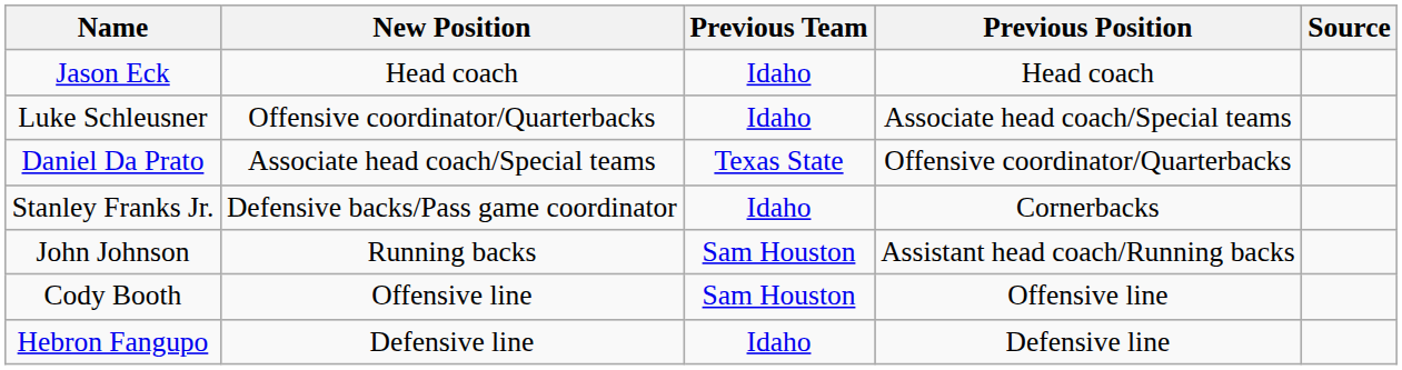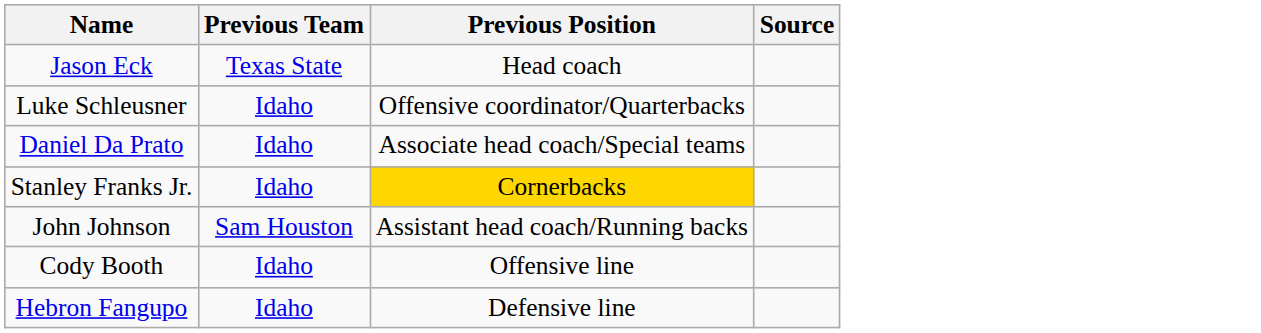 <table class="wikitable">
 <tr>
 <th style="text-align:center; ">Name</th>
-<th style="text-align:center; ">New Position</th>
 <th style="text-align:center; ">Previous Team</th>
 <th style="text-align:center; ">Previous Position</th>
 <th style="text-align:center; ">Source</th>
 </tr>
 <tr align="center">
 <td><a href='#'>Jason Eck</a></td>
-<td>Head coach</td>
-<td><a href='#'>Idaho</a></td>
+<td><a href='#'>Texas State</a></td>
 <td>Head coach</td>
 <td></td>
 </tr>
 <tr align="center">
 <td>Luke Schleusner</td>
+<td><a href='#'>Idaho</a></td>
 <td>Offensive coordinator/Quarterbacks</td>
+<td></td>
+</tr>
+<tr align="center">
+<td><a href='#'>Daniel Da Prato</a></td>
 <td><a href='#'>Idaho</a></td>
 <td>Associate head coach/Special teams</td>
 <td></td>
 </tr>
 <tr align="center">
-<td><a href='#'>Daniel Da Prato</a></td>
-<td>Associate head coach/Special teams</td>
-<td><a href='#'>Texas State</a></td>
-<td>Offensive coordinator/Quarterbacks</td>
-<td></td>
-</tr>
-<tr align="center">
 <td>Stanley Franks Jr.</td>
-<td>Defensive backs/Pass game coordinator</td>
 <td><a href='#'>Idaho</a></td>
-<td>Cornerbacks</td>
+<td style="background: gold;">Cornerbacks</td>
 <td></td>
 </tr>
 <tr align="center">
 <td>John Johnson</td>
-<td>Running backs</td>
 <td><a href='#'>Sam Houston</a></td>
 <td>Assistant head coach/Running backs</td>
 <td></td>
 </tr>
 <tr align="center">
 <td>Cody Booth</td>
-<td>Offensive line</td>
-<td><a href='#'>Sam Houston</a></td>
+<td><a href='#'>Idaho</a></td>
 <td>Offensive line</td>
 <td></td>
 </tr>
 <tr align="center">
 <td><a href='#'>Hebron Fangupo</a></td>
-<td>Defensive line</td>
 <td><a href='#'>Idaho</a></td>
 <td>Defensive line</td>
 <td></td>
 </tr>
 </table>
